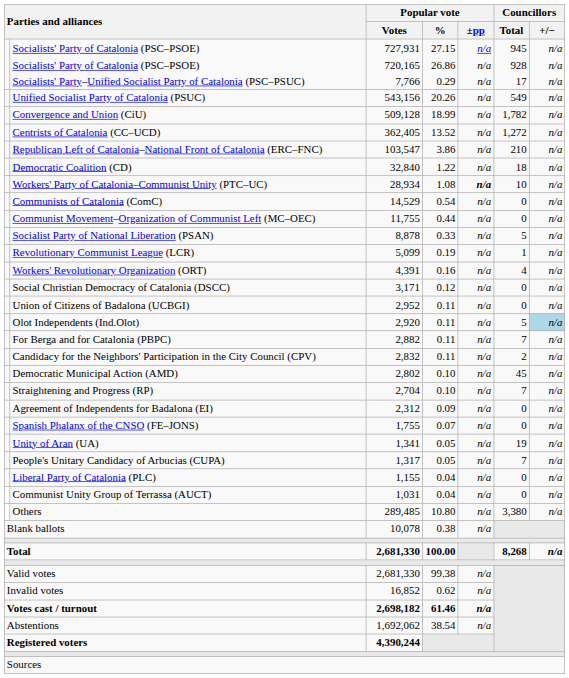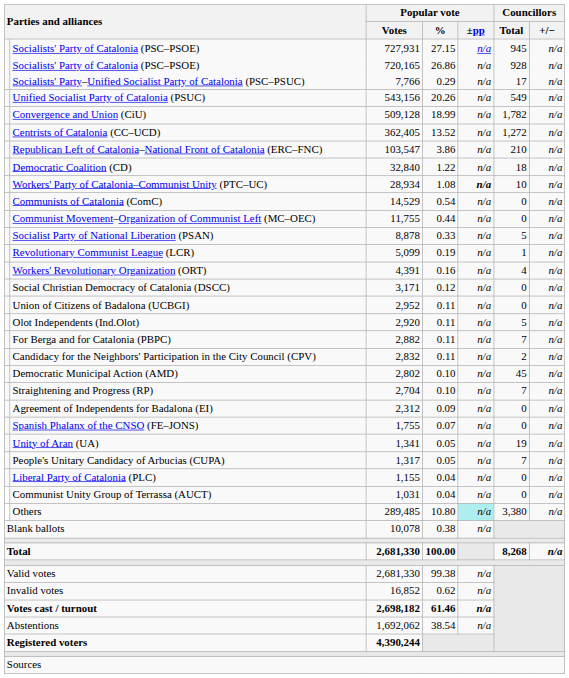 <table class="wikitable" style="text-align:right;">
 <tr>
 <th style="text-align:left;" rowspan="2" colspan="2" width="525">Parties and alliances</th>
 <th colspan="3">Popular vote</th>
 <th colspan="2">Councillors</th>
 </tr>
 <tr>
 <th width="75">Votes</th>
 <th width="45">%</th>
 <th width="45">±<a href='#'>pp</a></th>
 <th width="45">Total</th>
 <th width="45">+/−</th>
 </tr>
 <tr style="line-height:22px;">
 <td width="1" rowspan="3"></td>
 <td align="left"><a href='#'>Socialists' Party of Catalonia</a> (PSC–PSOE)</td>
 <td>727,931</td>
 <td>27.15</td>
 <td><em><a href='#'>n/a</a></em></td>
 <td>945</td>
 <td><em>n/a</em></td>
 </tr>
 <tr style="border-bottom-style:hidden; border-top-style:hidden; line-height:16px;">
 <td align="left"><span><a href='#'>Socialists' Party of Catalonia</a> (PSC–PSOE)</span></td>
 <td>720,165</td>
 <td>26.86</td>
 <td><em>n/a</em></td>
 <td>928</td>
 <td><em>n/a</em></td>
 </tr>
 <tr style="line-height:16px;">
 <td align="left"><span><a href='#'>Socialists' Party</a>–<a href='#'>Unified Socialist Party of Catalonia</a> (PSC–PSUC)</span></td>
 <td>7,766</td>
 <td>0.29</td>
 <td><em>n/a</em></td>
 <td>17</td>
 <td><em>n/a</em></td>
 </tr>
 <tr>
 <td style="color:inherit;background:"></td>
 <td align="left"><a href='#'>Unified Socialist Party of Catalonia</a> (PSUC)</td>
 <td>543,156</td>
 <td>20.26</td>
 <td><em>n/a</em></td>
 <td>549</td>
 <td><em>n/a</em></td>
 </tr>
 <tr>
 <td style="color:inherit;background:"></td>
 <td align="left"><a href='#'>Convergence and Union</a> (CiU)</td>
 <td>509,128</td>
 <td>18.99</td>
 <td><em>n/a</em></td>
 <td>1,782</td>
 <td><em>n/a</em></td>
 </tr>
 <tr>
 <td style="color:inherit;background:"></td>
 <td align="left"><a href='#'>Centrists of Catalonia</a> (CC–UCD)</td>
 <td>362,405</td>
 <td>13.52</td>
 <td><em>n/a</em></td>
 <td>1,272</td>
 <td><em>n/a</em></td>
 </tr>
 <tr>
 <td style="color:inherit;background:"></td>
 <td align="left"><a href='#'>Republican Left of Catalonia</a>–<a href='#'>National Front of Catalonia</a> (ERC–FNC)</td>
 <td>103,547</td>
 <td>3.86</td>
 <td><em>n/a</em></td>
 <td>210</td>
 <td><em>n/a</em></td>
 </tr>
 <tr>
 <td style="color:inherit;background:"></td>
 <td align="left"><a href='#'>Democratic Coalition</a> (CD)</td>
 <td>32,840</td>
 <td>1.22</td>
 <td><em>n/a</em></td>
 <td>18</td>
 <td><em>n/a</em></td>
 </tr>
 <tr>
 <td style="color:inherit;background:"></td>
 <td align="left"><a href='#'>Workers' Party of Catalonia–Communist Unity</a> (PTC–UC)</td>
 <td>28,934</td>
 <td>1.08</td>
 <td><strong><em>n/a</em></strong></td>
 <td>10</td>
 <td><em>n/a</em></td>
 </tr>
 <tr>
 <td style="color:inherit;background:"></td>
 <td align="left"><a href='#'>Communists of Catalonia</a> (ComC)</td>
 <td>14,529</td>
 <td>0.54</td>
 <td><em>n/a</em></td>
 <td>0</td>
 <td><em>n/a</em></td>
 </tr>
 <tr>
 <td style="color:inherit;background:"></td>
 <td align="left"><a href='#'>Communist Movement</a>–<a href='#'>Organization of Communist Left</a> (MC–OEC)</td>
 <td>11,755</td>
 <td>0.44</td>
 <td><em>n/a</em></td>
 <td>0</td>
 <td><em>n/a</em></td>
 </tr>
 <tr>
 <td style="color:inherit;background:"></td>
 <td align="left"><a href='#'>Socialist Party of National Liberation</a> (PSAN)</td>
 <td>8,878</td>
 <td>0.33</td>
 <td><em>n/a</em></td>
 <td>5</td>
 <td><em>n/a</em></td>
 </tr>
 <tr>
 <td style="color:inherit;background:"></td>
 <td align="left"><a href='#'>Revolutionary Communist League</a> (LCR)</td>
 <td>5,099</td>
 <td>0.19</td>
 <td><em>n/a</em></td>
 <td>1</td>
 <td><em>n/a</em></td>
 </tr>
 <tr>
 <td style="color:inherit;background:"></td>
 <td align="left"><a href='#'>Workers' Revolutionary Organization</a> (ORT)</td>
 <td>4,391</td>
 <td>0.16</td>
 <td><em>n/a</em></td>
 <td>4</td>
 <td><em>n/a</em></td>
 </tr>
 <tr>
 <td style="color:inherit;background:"></td>
 <td align="left">Social Christian Democracy of Catalonia (DSCC)</td>
 <td>3,171</td>
 <td>0.12</td>
 <td><em>n/a</em></td>
 <td>0</td>
 <td><em>n/a</em></td>
 </tr>
 <tr>
 <td style="color:inherit;background:"></td>
 <td align="left">Union of Citizens of Badalona (UCBGI)</td>
 <td>2,952</td>
 <td>0.11</td>
 <td><em>n/a</em></td>
 <td>0</td>
 <td><em>n/a</em></td>
 </tr>
 <tr>
 <td style="color:inherit;background:"></td>
 <td align="left">Olot Independents (Ind.Olot)</td>
 <td>2,920</td>
 <td>0.11</td>
 <td><em>n/a</em></td>
 <td>5</td>
-<td style="background: lightblue;"><em>n/a</em></td>
+<td><em>n/a</em></td>
 </tr>
 <tr>
 <td style="color:inherit;background:"></td>
 <td align="left">For Berga and for Catalonia (PBPC)</td>
 <td>2,882</td>
 <td>0.11</td>
 <td><em>n/a</em></td>
 <td>7</td>
 <td><em>n/a</em></td>
 </tr>
 <tr>
 <td style="color:inherit;background:"></td>
 <td align="left">Candidacy for the Neighbors' Participation in the City Council (CPV)</td>
 <td>2,832</td>
 <td>0.11</td>
 <td><em>n/a</em></td>
 <td>2</td>
 <td><em>n/a</em></td>
 </tr>
 <tr>
 <td style="color:inherit;background:"></td>
 <td align="left">Democratic Municipal Action (AMD)</td>
 <td>2,802</td>
 <td>0.10</td>
 <td><em>n/a</em></td>
 <td>45</td>
 <td><em>n/a</em></td>
 </tr>
 <tr>
 <td style="color:inherit;background:"></td>
 <td align="left">Straightening and Progress (RP)</td>
 <td>2,704</td>
 <td>0.10</td>
 <td><em>n/a</em></td>
 <td>7</td>
 <td><em>n/a</em></td>
 </tr>
 <tr>
 <td style="color:inherit;background:"></td>
 <td align="left">Agreement of Independents for Badalona (EI)</td>
 <td>2,312</td>
 <td>0.09</td>
 <td><em>n/a</em></td>
 <td>0</td>
 <td><em>n/a</em></td>
 </tr>
 <tr>
 <td style="color:inherit;background:"></td>
 <td align="left"><a href='#'>Spanish Phalanx of the CNSO</a> (FE–JONS)</td>
 <td>1,755</td>
 <td>0.07</td>
 <td><em>n/a</em></td>
 <td>0</td>
 <td><em>n/a</em></td>
 </tr>
 <tr>
 <td style="color:inherit;background:"></td>
 <td align="left"><a href='#'>Unity of Aran</a> (UA)</td>
 <td>1,341</td>
 <td>0.05</td>
 <td><em>n/a</em></td>
 <td>19</td>
 <td><em>n/a</em></td>
 </tr>
 <tr>
 <td style="color:inherit;background:"></td>
 <td align="left">People's Unitary Candidacy of Arbucias (CUPA)</td>
 <td>1,317</td>
 <td>0.05</td>
 <td><em>n/a</em></td>
 <td>7</td>
 <td><em>n/a</em></td>
 </tr>
 <tr>
 <td style="color:inherit;background:"></td>
 <td align="left"><a href='#'>Liberal Party of Catalonia</a> (PLC)</td>
 <td>1,155</td>
 <td>0.04</td>
 <td><em>n/a</em></td>
 <td>0</td>
 <td><em>n/a</em></td>
 </tr>
 <tr>
 <td bgcolor="white"></td>
 <td align="left">Communist Unity Group of Terrassa (AUCT)</td>
 <td>1,031</td>
 <td>0.04</td>
 <td><em>n/a</em></td>
 <td>0</td>
 <td><em>n/a</em></td>
 </tr>
 <tr>
 <td bgcolor="white"></td>
 <td align="left">Others</td>
 <td>289,485</td>
 <td>10.80</td>
-<td><em>n/a</em></td>
+<td style="background: paleturquoise;"><em>n/a</em></td>
 <td>3,380</td>
 <td><em>n/a</em></td>
 </tr>
 <tr>
 <td align="left" colspan="2">Blank ballots</td>
 <td>10,078</td>
 <td>0.38</td>
 <td><em>n/a</em></td>
 <td style="color:inherit;background:#E9E9E9" colspan="2"></td>
 </tr>
 <tr>
 <td colspan="7" style="color:inherit;background:#E9E9E9"></td>
 </tr>
 <tr style="font-weight:bold;">
 <td align="left" colspan="2">Total</td>
 <td>2,681,330</td>
 <td>100.00</td>
 <td bgcolor="#E9E9E9"></td>
 <td>8,268</td>
 <td><em>n/a</em></td>
 </tr>
 <tr>
 <td colspan="7" style="color:inherit;background:#E9E9E9"></td>
 </tr>
 <tr>
 <td align="left" colspan="2">Valid votes</td>
 <td>2,681,330</td>
 <td>99.38</td>
 <td><em>n/a</em></td>
 <td bgcolor="#E9E9E9" colspan="2" rowspan="5"></td>
 </tr>
 <tr>
 <td align="left" colspan="2">Invalid votes</td>
 <td>16,852</td>
 <td>0.62</td>
 <td><em>n/a</em></td>
 </tr>
 <tr style="font-weight:bold;">
 <td align="left" colspan="2">Votes cast / turnout</td>
 <td>2,698,182</td>
 <td>61.46</td>
 <td><em>n/a</em></td>
 </tr>
 <tr>
 <td align="left" colspan="2">Abstentions</td>
 <td>1,692,062</td>
 <td>38.54</td>
 <td><em>n/a</em></td>
 </tr>
 <tr style="font-weight:bold;">
 <td align="left" colspan="2">Registered voters</td>
 <td>4,390,244</td>
 <td bgcolor="#E9E9E9" colspan="2"></td>
 </tr>
 <tr>
 <td colspan="7" style="color:inherit;background:#E9E9E9"></td>
 </tr>
 <tr>
 <td align="left" colspan="7">Sources</td>
 </tr>
 </table>
